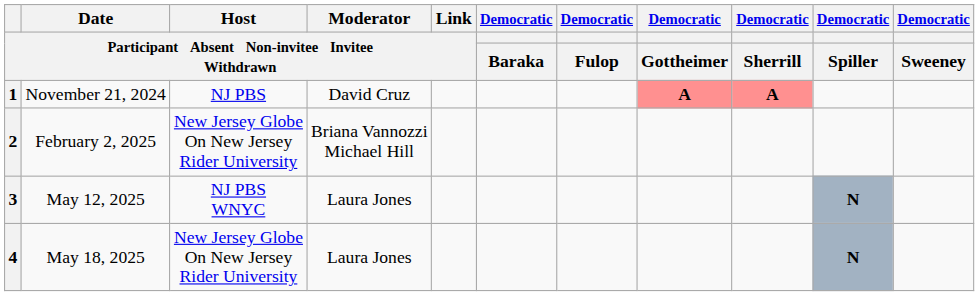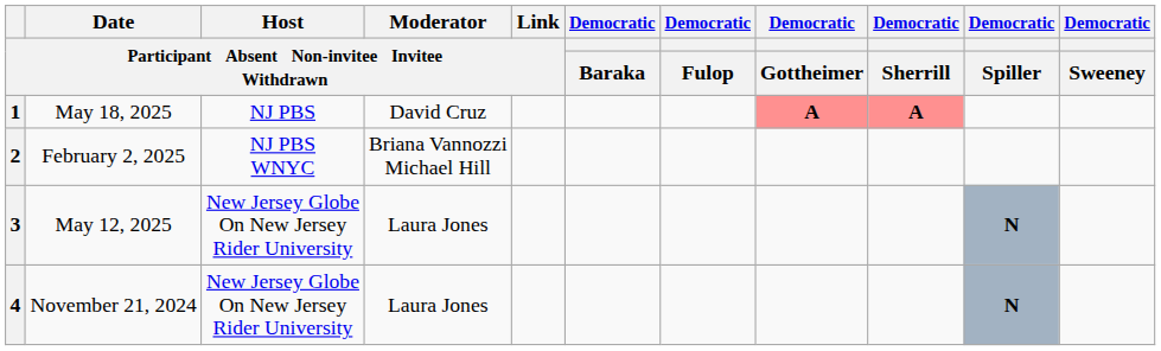 <table class="wikitable" style="text-align:center;">
 <tr>
 <th scope="col"></th>
 <th scope="col">Date</th>
 <th scope="col">Host</th>
 <th scope="col">Moderator</th>
 <th scope="col">Link</th>
 <th scope="col"><small><a href='#'>Democratic</a></small></th>
 <th scope="col"><small><a href='#'>Democratic</a></small></th>
 <th scope="col"><small><a href='#'>Democratic</a></small></th>
 <th scope="col"><small><a href='#'>Democratic</a></small></th>
 <th scope="col"><small><a href='#'>Democratic</a></small></th>
 <th scope="col"><small><a href='#'>Democratic</a></small></th>
 </tr>
 <tr>
 <th colspan="5" rowspan="2"> <small>Participant  </small> <small>Absent  </small> <small>Non-invitee  </small> <small>Invitee<br> Withdrawn</small></th>
 <th scope="col" style="background:"></th>
 <th scope="col" style="background:"></th>
 <th scope="col" style="background:"></th>
 <th scope="col" style="background:"></th>
 <th scope="col" style="background:"></th>
 <th scope="col" style="background:"></th>
 </tr>
 <tr>
 <th scope="col">Baraka</th>
 <th scope="col">Fulop</th>
 <th scope="col">Gottheimer</th>
 <th scope="col">Sherrill</th>
 <th scope="col">Spiller</th>
 <th scope="col">Sweeney</th>
 </tr>
 <tr>
 <th>1</th>
-<td style="white-space:nowrap;">November 21, 2024</td>
+<td>May 18, 2025</td>
 <td style="white-space:nowrap;"><a href='#'>NJ PBS</a></td>
 <td style="white-space:nowrap;">David Cruz</td>
 <td style="white-space:nowrap;"></td>
 <td></td>
 <td></td>
 <td style="background:#ff9090; color:black; text-align:center;"><strong>A</strong></td>
 <td style="background:#ff9090; color:black; text-align:center;"><strong>A</strong></td>
 <td></td>
 <td></td>
 </tr>
 <tr>
 <th>2</th>
 <td style="white-space:nowrap;">February 2, 2025</td>
-<td style="white-space:nowrap;"><a href='#'>New Jersey Globe</a><br>On New Jersey<br><a href='#'>Rider University</a></td>
+<td><a href='#'>NJ PBS</a><br><a href='#'>WNYC</a></td>
 <td>Briana Vannozzi<br>Michael Hill</td>
 <td style="white-space:nowrap;"></td>
 <td></td>
 <td></td>
 <td></td>
 <td></td>
 <td></td>
 <td></td>
 </tr>
 <tr>
 <th>3</th>
 <td>May 12, 2025</td>
-<td><a href='#'>NJ PBS</a><br><a href='#'>WNYC</a></td>
+<td style="white-space:nowrap;"><a href='#'>New Jersey Globe</a><br>On New Jersey<br><a href='#'>Rider University</a></td>
 <td style="white-space:nowrap;">Laura Jones</td>
 <td style="white-space:nowrap;"></td>
 <td></td>
 <td></td>
 <td></td>
 <td></td>
 <td style="background:#A2B2C2; color:black; text-align:center;"><strong>N</strong></td>
 <td></td>
 </tr>
 <tr>
 <th>4</th>
-<td>May 18, 2025</td>
+<td style="white-space:nowrap;">November 21, 2024</td>
 <td><a href='#'>New Jersey Globe</a><br>On New Jersey<br><a href='#'>Rider University</a></td>
 <td>Laura Jones</td>
 <td style="white-space:nowrap;"></td>
 <td></td>
 <td></td>
 <td></td>
 <td></td>
 <td style="background:#A2B2C2; color:black; text-align:center;"><strong>N</strong></td>
 <td></td>
 </tr>
 </table>
